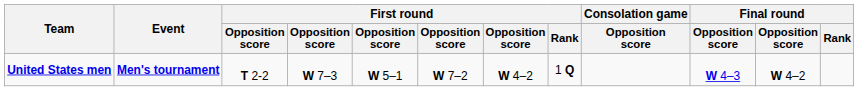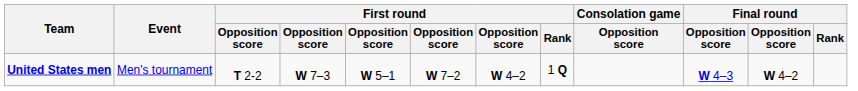 <table class=wikitable style=font-size:90%;text-align:center>
 <tr>
 <th rowspan=2>Team</th>
 <th rowspan=2>Event</th>
 <th colspan=6>First round</th>
 <th>Consolation game</th>
 <th colspan=3>Final round</th>
 </tr>
 <tr style=font-size:95%>
 <th>Opposition<br>score</th>
 <th>Opposition<br>score</th>
 <th>Opposition<br>score</th>
 <th>Opposition<br>score</th>
 <th>Opposition<br>score</th>
 <th>Rank</th>
 <th>Opposition<br>score</th>
 <th>Opposition<br>score</th>
 <th>Opposition<br>score</th>
 <th>Rank</th>
 </tr>
 <tr>
 <td align=left><strong><a href='#'>United States men</a></strong></td>
-<td align=left><strong><a href='#'>Men's tournament</a></strong></td>
+<td align=left><a href='#'>Men's tournament</a></td>
 <td><br><strong>T</strong> 2-2</td>
 <td><br><strong>W</strong> 7–3</td>
 <td><br><strong>W</strong> 5–1</td>
 <td><br><strong>W</strong> 7–2</td>
 <td><br><strong>W</strong> 4–2</td>
 <td>1 <strong>Q</strong></td>
 <td></td>
 <td><br><a href='#'><strong>W</strong> 4–3</a></td>
 <td><br><strong>W</strong> 4–2</td>
 <td></td>
 </tr>
 </table>
